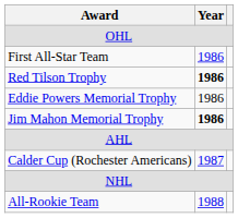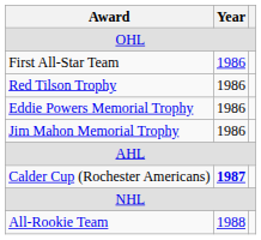 <table class="wikitable">
 <tr>
 <th>Award</th>
 <th>Year</th>
 <th></th>
 </tr>
 <tr ALIGN="center" bgcolor="#e0e0e0">
 <td colspan="3"><a href='#'>OHL</a></td>
 </tr>
 <tr>
 <td>First All-Star Team</td>
 <td><a href='#'>1986</a></td>
 <td></td>
 </tr>
 <tr>
 <td><a href='#'>Red Tilson Trophy</a></td>
-<td><strong>1986</strong></td>
+<td>1986</td>
 <td></td>
 </tr>
 <tr>
 <td><a href='#'>Eddie Powers Memorial Trophy</a></td>
 <td>1986</td>
 <td></td>
 </tr>
 <tr>
 <td><a href='#'>Jim Mahon Memorial Trophy</a></td>
-<td><strong>1986</strong></td>
+<td>1986</td>
 <td></td>
 </tr>
 <tr ALIGN="center" bgcolor="#e0e0e0">
 <td colspan="3"><a href='#'>AHL</a></td>
 </tr>
 <tr>
 <td><a href='#'>Calder Cup</a> (Rochester Americans)</td>
-<td><a href='#'>1987</a></td>
+<td><strong><a href='#'>1987</a></strong></td>
 <td></td>
 </tr>
 <tr ALIGN="center" bgcolor="#e0e0e0">
 <td colspan="3"><a href='#'>NHL</a></td>
 </tr>
 <tr>
 <td><a href='#'>All-Rookie Team</a></td>
 <td><a href='#'>1988</a></td>
 <td></td>
 </tr>
 </table>
